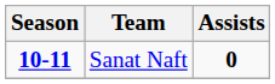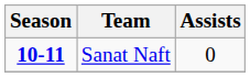 <table class="wikitable" style="text-align: center;">
 <tr>
 <th>Season</th>
 <th>Team</th>
 <th>Assists</th>
 </tr>
 <tr>
 <td><strong><a href='#'>10-11</a></strong></td>
 <td align="left"><a href='#'>Sanat Naft</a></td>
-<td><strong>0</strong></td>
+<td>0</td>
 </tr>
 <tr>
 </tr>
 </table>
